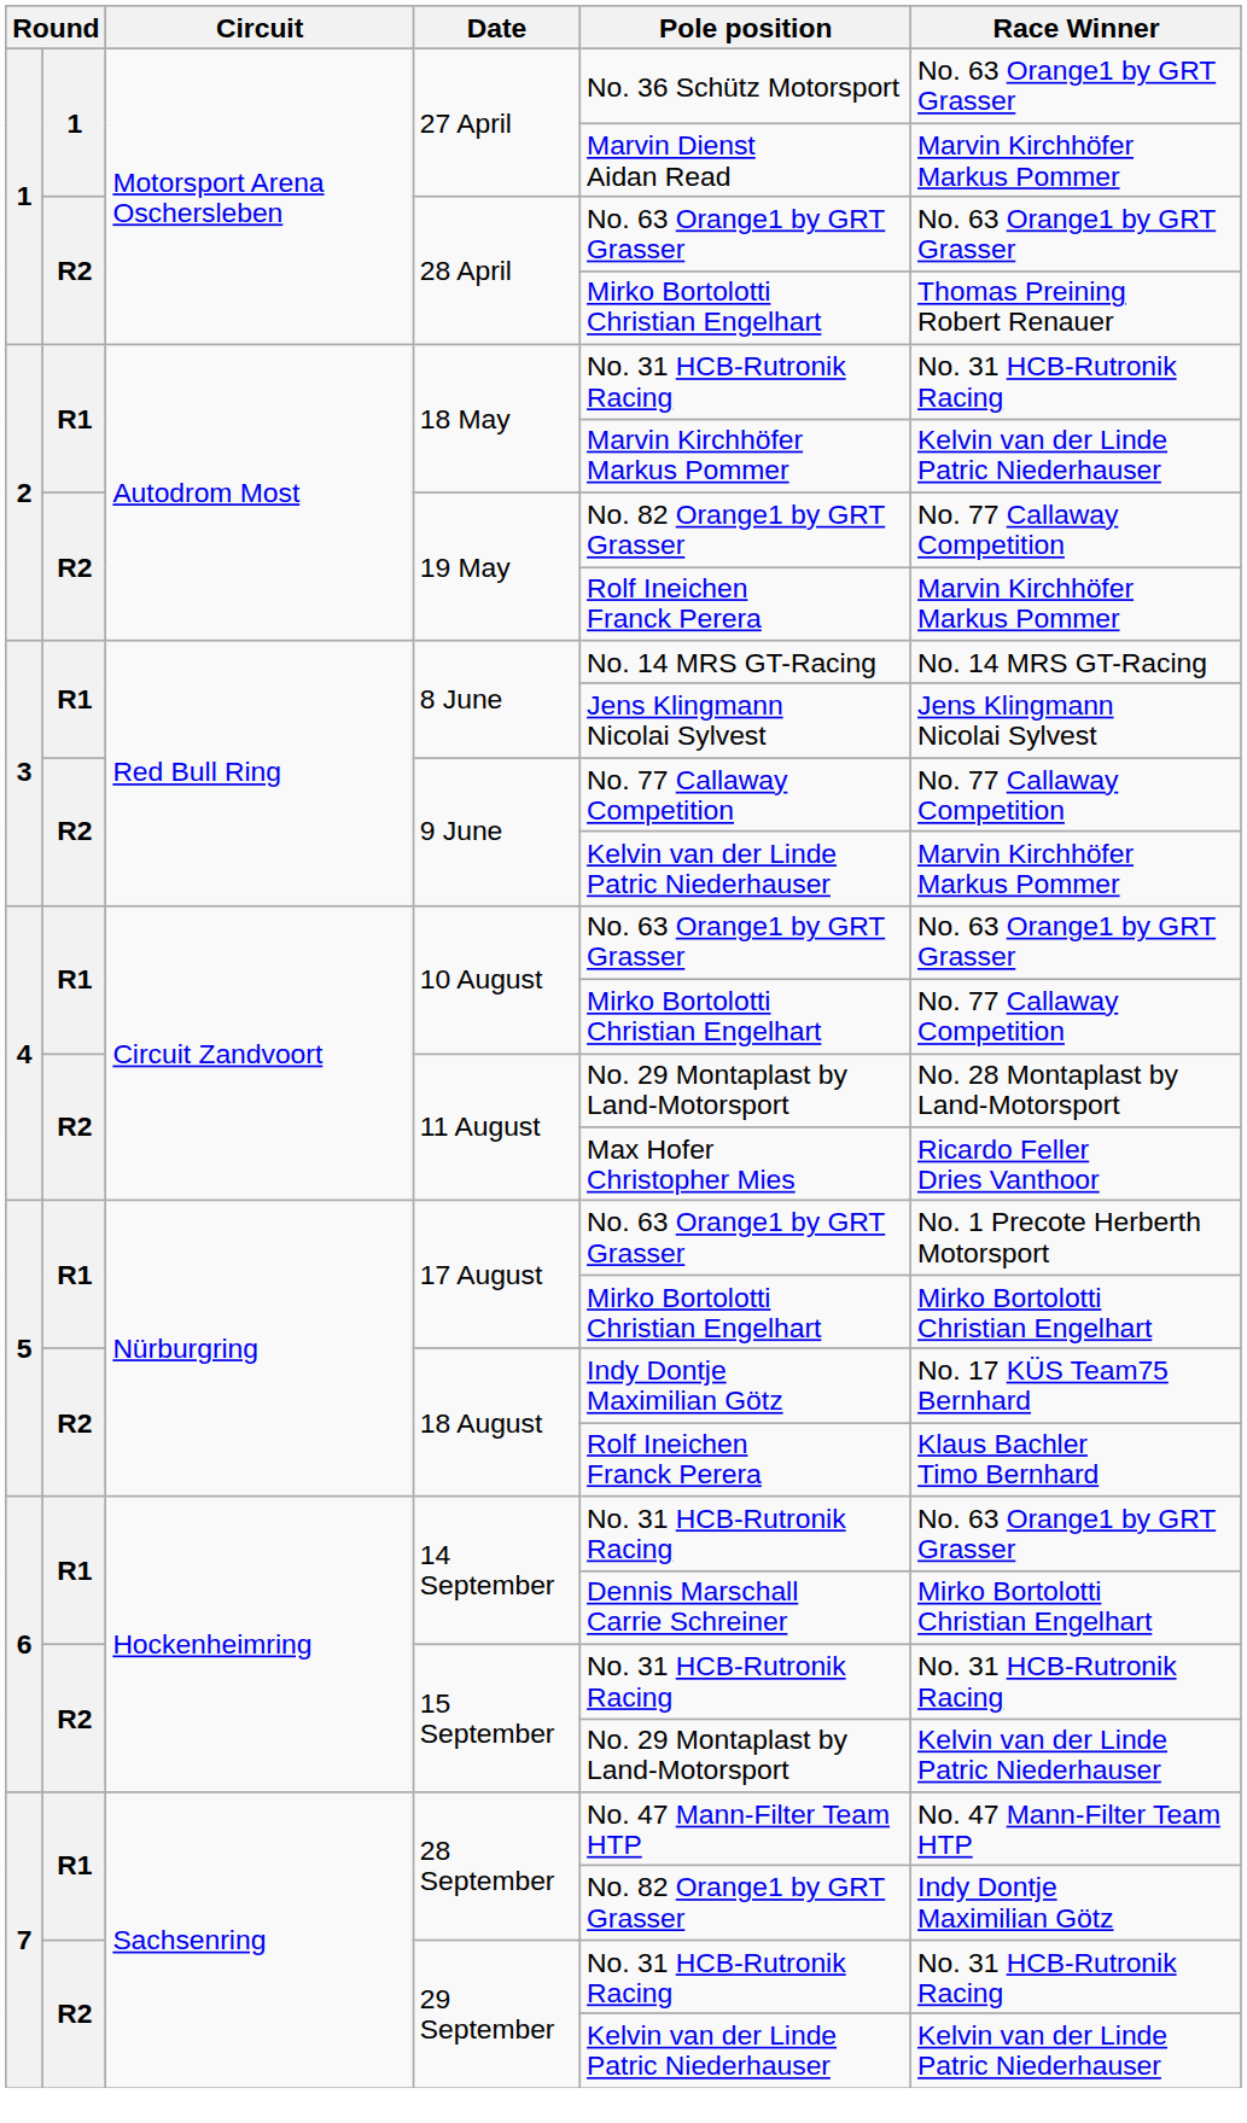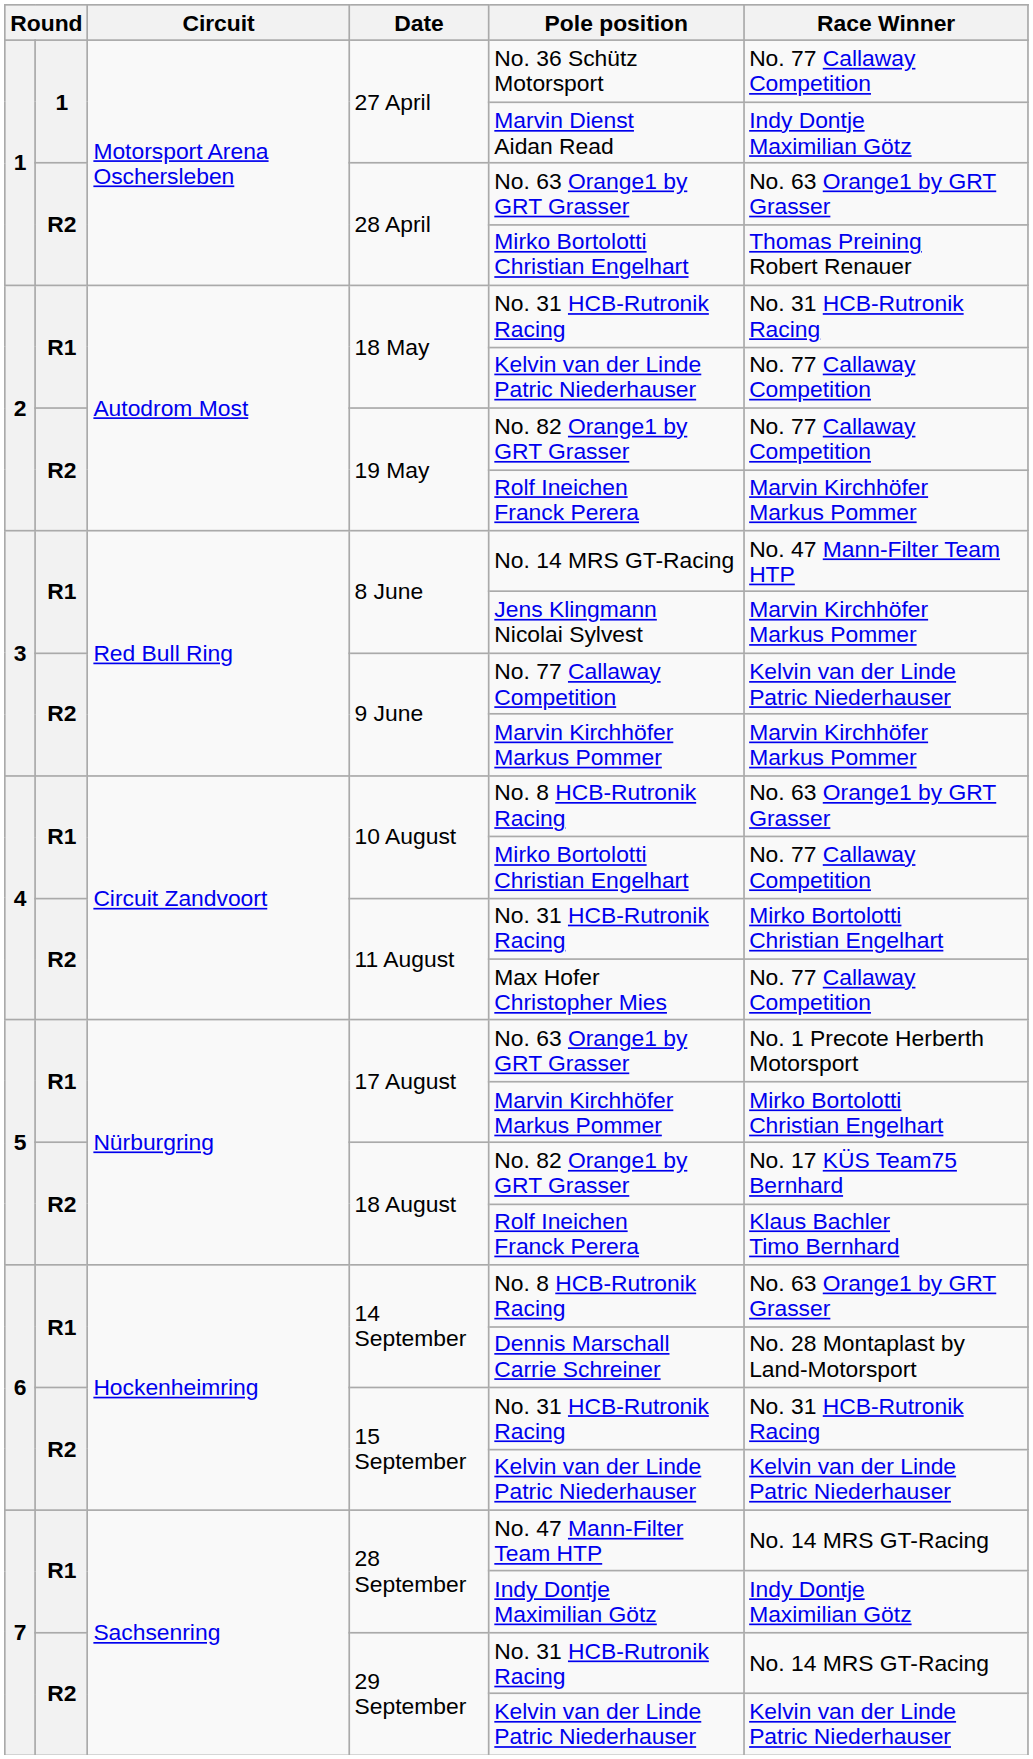 <table class="wikitable" style="font-size: 85%;">
 <tr>
 <th colspan=2>Round</th>
 <th>Circuit</th>
 <th>Date</th>
 <th>Pole position</th>
 <th>Race Winner</th>
 </tr>
 <tr>
 <th rowspan=4>1</th>
 <th rowspan=2>1</th>
 <td rowspan=4> <a href='#'>Motorsport Arena Oschersleben</a></td>
 <td rowspan=2>27 April</td>
 <td> No. 36 Schütz Motorsport</td>
-<td> No. 63 <a href='#'>Orange1 by GRT Grasser</a></td>
+<td> No. 77 <a href='#'>Callaway Competition</a></td>
 </tr>
 <tr>
 <td> <a href='#'>Marvin Dienst</a><br> Aidan Read</td>
-<td> <a href='#'>Marvin Kirchhöfer</a><br> <a href='#'>Markus Pommer</a></td>
+<td> <a href='#'>Indy Dontje</a><br> <a href='#'>Maximilian Götz</a></td>
 </tr>
 <tr>
 <th rowspan=2>R2</th>
 <td rowspan=2>28 April</td>
 <td> No. 63 <a href='#'>Orange1 by GRT Grasser</a></td>
 <td> No. 63 <a href='#'>Orange1 by GRT Grasser</a></td>
 </tr>
 <tr>
 <td> <a href='#'>Mirko Bortolotti</a><br> <a href='#'>Christian Engelhart</a></td>
 <td> <a href='#'>Thomas Preining</a><br> Robert Renauer</td>
 </tr>
 <tr>
 <th rowspan=4>2</th>
 <th rowspan=2>R1</th>
 <td rowspan=4> <a href='#'>Autodrom Most</a></td>
 <td rowspan=2>18 May</td>
 <td> No. 31 <a href='#'>HCB-Rutronik Racing</a></td>
 <td> No. 31 <a href='#'>HCB-Rutronik Racing</a></td>
 </tr>
 <tr>
-<td> <a href='#'>Marvin Kirchhöfer</a><br> <a href='#'>Markus Pommer</a></td>
 <td> <a href='#'>Kelvin van der Linde</a><br> <a href='#'>Patric Niederhauser</a></td>
+<td> No. 77 <a href='#'>Callaway Competition</a></td>
 </tr>
 <tr>
 <th rowspan=2>R2</th>
 <td rowspan=2>19 May</td>
 <td> No. 82 <a href='#'>Orange1 by GRT Grasser</a></td>
 <td> No. 77 <a href='#'>Callaway Competition</a></td>
 </tr>
 <tr>
 <td> <a href='#'>Rolf Ineichen</a><br> <a href='#'>Franck Perera</a></td>
 <td> <a href='#'>Marvin Kirchhöfer</a><br> <a href='#'>Markus Pommer</a></td>
 </tr>
 <tr>
 <th rowspan=4>3</th>
 <th rowspan=2>R1</th>
 <td rowspan=4> <a href='#'>Red Bull Ring</a></td>
 <td rowspan=2>8 June</td>
 <td> No. 14 MRS GT-Racing</td>
-<td> No. 14 MRS GT-Racing</td>
+<td> No. 47 <a href='#'>Mann-Filter Team HTP</a></td>
 </tr>
 <tr>
 <td> <a href='#'>Jens Klingmann</a><br> Nicolai Sylvest</td>
-<td> <a href='#'>Jens Klingmann</a><br> Nicolai Sylvest</td>
+<td> <a href='#'>Marvin Kirchhöfer</a><br> <a href='#'>Markus Pommer</a></td>
 </tr>
 <tr>
 <th rowspan=2>R2</th>
 <td rowspan=2>9 June</td>
 <td> No. 77 <a href='#'>Callaway Competition</a></td>
-<td> No. 77 <a href='#'>Callaway Competition</a></td>
+<td> <a href='#'>Kelvin van der Linde</a><br> <a href='#'>Patric Niederhauser</a></td>
 </tr>
 <tr>
-<td> <a href='#'>Kelvin van der Linde</a><br> <a href='#'>Patric Niederhauser</a></td>
+<td> <a href='#'>Marvin Kirchhöfer</a><br> <a href='#'>Markus Pommer</a></td>
 <td> <a href='#'>Marvin Kirchhöfer</a><br> <a href='#'>Markus Pommer</a></td>
 </tr>
 <tr>
 <th rowspan=4>4</th>
 <th rowspan=2>R1</th>
 <td rowspan=4> <a href='#'>Circuit Zandvoort</a></td>
 <td rowspan=2>10 August</td>
-<td> No. 63 <a href='#'>Orange1 by GRT Grasser</a></td>
+<td> No. 8 <a href='#'>HCB-Rutronik Racing</a></td>
 <td> No. 63 <a href='#'>Orange1 by GRT Grasser</a></td>
 </tr>
 <tr>
 <td> <a href='#'>Mirko Bortolotti</a><br> <a href='#'>Christian Engelhart</a></td>
 <td> No. 77 <a href='#'>Callaway Competition</a></td>
 </tr>
 <tr>
 <th rowspan=2>R2</th>
 <td rowspan=2>11 August</td>
-<td> No. 29 Montaplast by Land-Motorsport</td>
-<td> No. 28 Montaplast by Land-Motorsport</td>
+<td> No. 31 <a href='#'>HCB-Rutronik Racing</a></td>
+<td> <a href='#'>Mirko Bortolotti</a><br> <a href='#'>Christian Engelhart</a></td>
 </tr>
 <tr>
 <td> Max Hofer<br> <a href='#'>Christopher Mies</a></td>
-<td> <a href='#'>Ricardo Feller</a><br> <a href='#'>Dries Vanthoor</a></td>
+<td> No. 77 <a href='#'>Callaway Competition</a></td>
 </tr>
 <tr>
 <th rowspan=4>5</th>
 <th rowspan=2>R1</th>
 <td rowspan=4> <a href='#'>Nürburgring</a></td>
 <td rowspan=2>17 August</td>
 <td> No. 63 <a href='#'>Orange1 by GRT Grasser</a></td>
 <td> No. 1 Precote Herberth Motorsport</td>
 </tr>
 <tr>
-<td> <a href='#'>Mirko Bortolotti</a><br> <a href='#'>Christian Engelhart</a></td>
+<td> <a href='#'>Marvin Kirchhöfer</a><br> <a href='#'>Markus Pommer</a></td>
 <td> <a href='#'>Mirko Bortolotti</a><br> <a href='#'>Christian Engelhart</a></td>
 </tr>
 <tr>
 <th rowspan=2>R2</th>
 <td rowspan=2>18 August</td>
-<td> <a href='#'>Indy Dontje</a><br> <a href='#'>Maximilian Götz</a></td>
+<td> No. 82 <a href='#'>Orange1 by GRT Grasser</a></td>
 <td> No. 17 <a href='#'>KÜS Team75 Bernhard</a></td>
 </tr>
 <tr>
 <td> <a href='#'>Rolf Ineichen</a><br> <a href='#'>Franck Perera</a></td>
 <td> <a href='#'>Klaus Bachler</a><br> <a href='#'>Timo Bernhard</a></td>
 </tr>
 <tr>
 <th rowspan=4>6</th>
 <th rowspan=2>R1</th>
 <td rowspan=4> <a href='#'>Hockenheimring</a></td>
 <td rowspan=2>14 September</td>
-<td> No. 31 <a href='#'>HCB-Rutronik Racing</a></td>
+<td> No. 8 <a href='#'>HCB-Rutronik Racing</a></td>
 <td> No. 63 <a href='#'>Orange1 by GRT Grasser</a></td>
 </tr>
 <tr>
 <td> <a href='#'>Dennis Marschall</a><br> <a href='#'>Carrie Schreiner</a></td>
-<td> <a href='#'>Mirko Bortolotti</a><br> <a href='#'>Christian Engelhart</a></td>
+<td> No. 28 Montaplast by Land-Motorsport</td>
 </tr>
 <tr>
 <th rowspan=2>R2</th>
 <td rowspan=2>15 September</td>
 <td> No. 31 <a href='#'>HCB-Rutronik Racing</a></td>
 <td> No. 31 <a href='#'>HCB-Rutronik Racing</a></td>
 </tr>
 <tr>
-<td> No. 29 Montaplast by Land-Motorsport</td>
+<td> <a href='#'>Kelvin van der Linde</a><br> <a href='#'>Patric Niederhauser</a></td>
 <td> <a href='#'>Kelvin van der Linde</a><br> <a href='#'>Patric Niederhauser</a></td>
 </tr>
 <tr>
 <th rowspan=4>7</th>
 <th rowspan=2>R1</th>
 <td rowspan=4> <a href='#'>Sachsenring</a></td>
 <td rowspan=2>28 September</td>
 <td> No. 47 <a href='#'>Mann-Filter Team HTP</a></td>
-<td> No. 47 <a href='#'>Mann-Filter Team HTP</a></td>
+<td> No. 14 MRS GT-Racing</td>
 </tr>
 <tr>
-<td> No. 82 <a href='#'>Orange1 by GRT Grasser</a></td>
+<td> <a href='#'>Indy Dontje</a><br> <a href='#'>Maximilian Götz</a></td>
 <td> <a href='#'>Indy Dontje</a><br> <a href='#'>Maximilian Götz</a></td>
 </tr>
 <tr>
 <th rowspan=2>R2</th>
 <td rowspan=2>29 September</td>
 <td> No. 31 <a href='#'>HCB-Rutronik Racing</a></td>
-<td> No. 31 <a href='#'>HCB-Rutronik Racing</a></td>
+<td> No. 14 MRS GT-Racing</td>
 </tr>
 <tr>
 <td> <a href='#'>Kelvin van der Linde</a><br> <a href='#'>Patric Niederhauser</a></td>
 <td> <a href='#'>Kelvin van der Linde</a><br> <a href='#'>Patric Niederhauser</a></td>
 </tr>
 </table>
